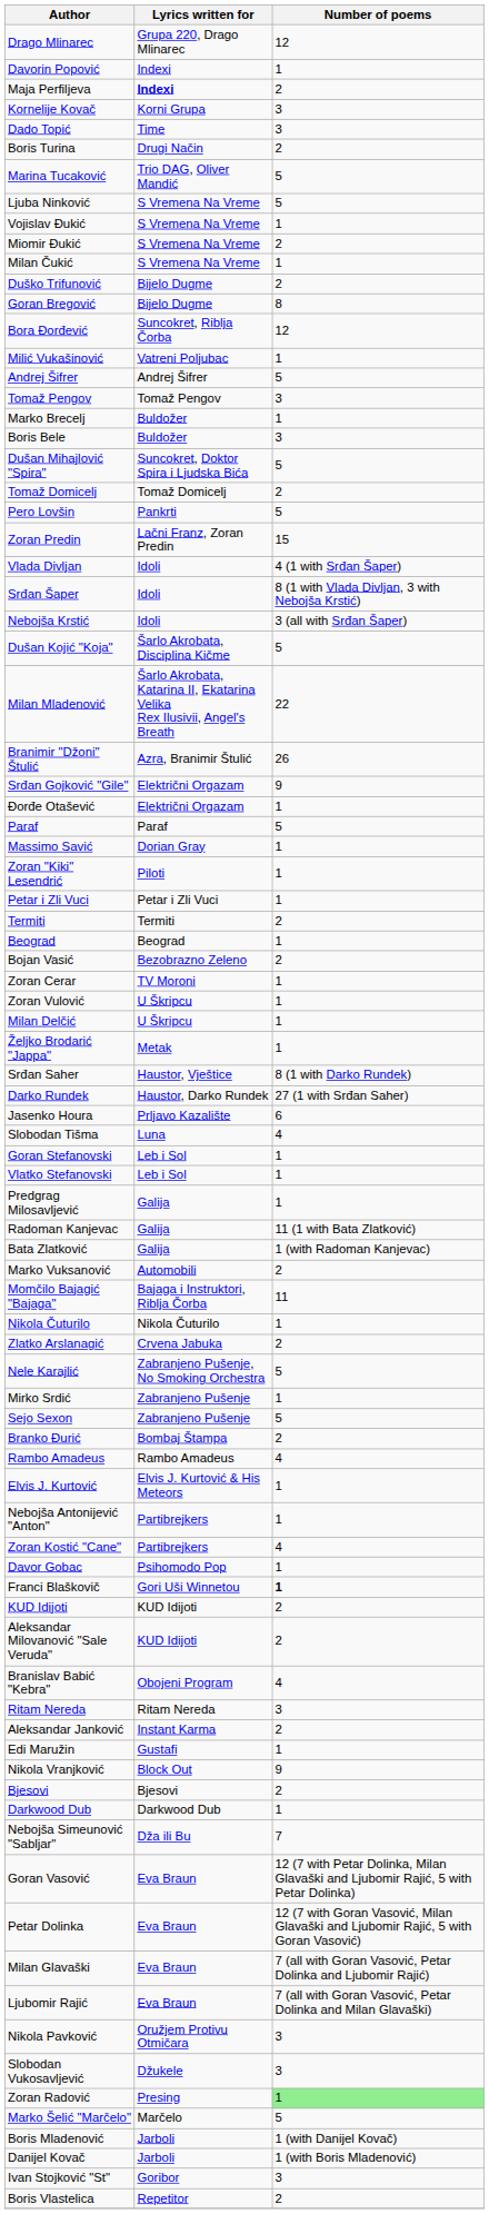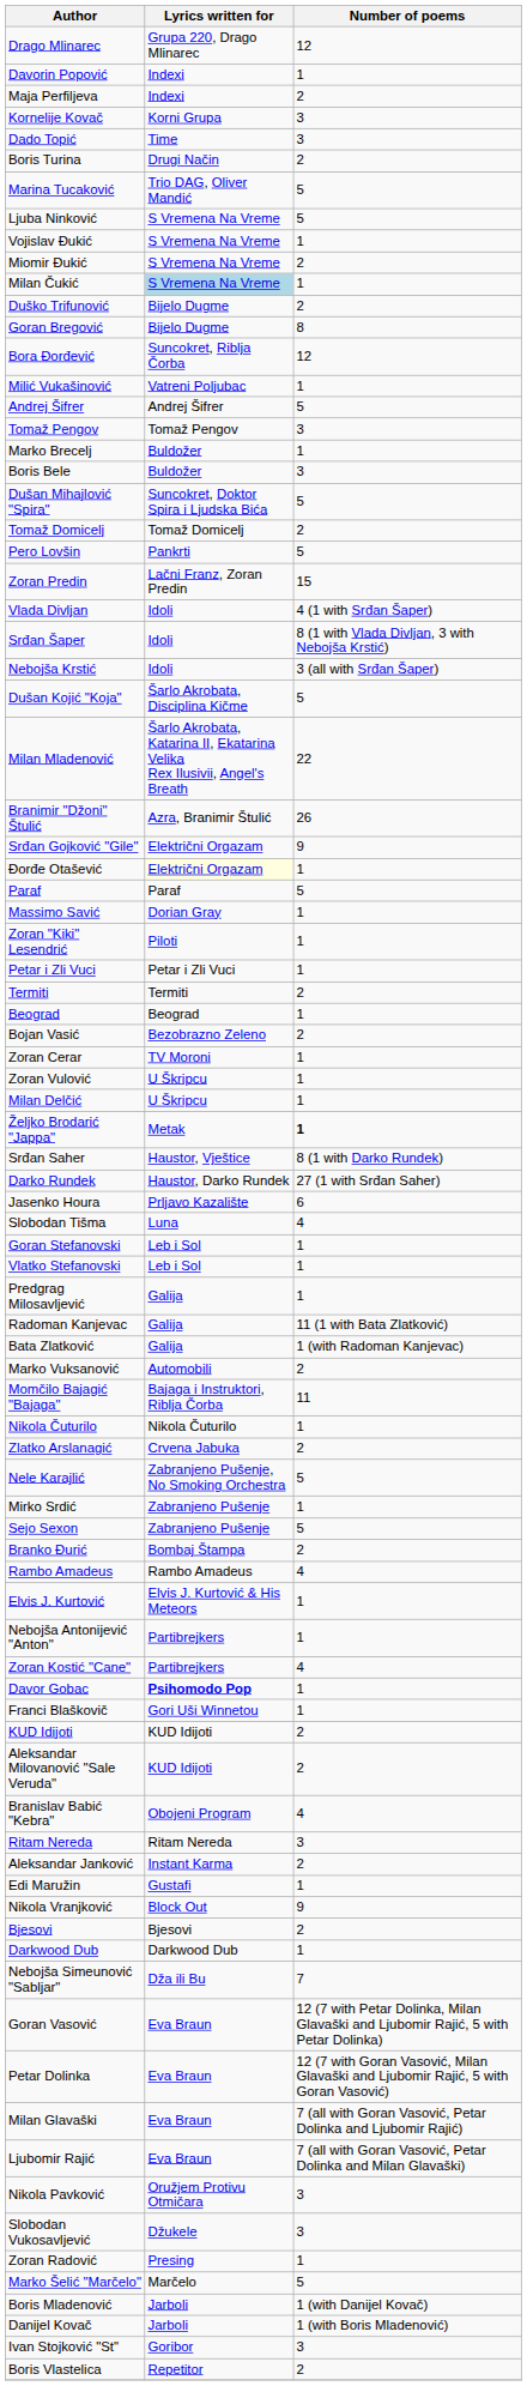 <table class="wikitable sortable">
 <tr>
 <th class="unsortable">Author</th>
 <th class="unsortable">Lyrics written for</th>
 <th>Number of poems</th>
 </tr>
 <tr>
 <td><a href='#'>Drago Mlinarec</a></td>
 <td><a href='#'>Grupa 220</a>, Drago Mlinarec</td>
 <td>12</td>
 </tr>
 <tr>
 <td><a href='#'>Davorin Popović</a></td>
 <td><a href='#'>Indexi</a></td>
 <td>1</td>
 </tr>
 <tr>
 <td>Maja Perfiljeva</td>
-<td><strong><a href='#'>Indexi</a></strong></td>
+<td><a href='#'>Indexi</a></td>
 <td>2</td>
 </tr>
 <tr>
 <td><a href='#'>Kornelije Kovač</a></td>
 <td><a href='#'>Korni Grupa</a></td>
 <td>3</td>
 </tr>
 <tr>
 <td><a href='#'>Dado Topić</a></td>
 <td><a href='#'>Time</a></td>
 <td>3</td>
 </tr>
 <tr>
 <td>Boris Turina</td>
 <td><a href='#'>Drugi Način</a></td>
 <td>2</td>
 </tr>
 <tr>
 <td><a href='#'>Marina Tucaković</a></td>
 <td><a href='#'>Trio DAG</a>, <a href='#'>Oliver Mandić</a></td>
 <td>5</td>
 </tr>
 <tr>
 <td>Ljuba Ninković</td>
 <td><a href='#'>S Vremena Na Vreme</a></td>
 <td>5</td>
 </tr>
 <tr>
 <td>Vojislav Đukić</td>
 <td><a href='#'>S Vremena Na Vreme</a></td>
 <td>1</td>
 </tr>
 <tr>
 <td>Miomir Đukić</td>
 <td><a href='#'>S Vremena Na Vreme</a></td>
 <td>2</td>
 </tr>
 <tr>
 <td>Milan Čukić</td>
-<td><a href='#'>S Vremena Na Vreme</a></td>
+<td style="background: lightblue;"><a href='#'>S Vremena Na Vreme</a></td>
 <td>1</td>
 </tr>
 <tr>
 <td><a href='#'>Duško Trifunović</a></td>
 <td><a href='#'>Bijelo Dugme</a></td>
 <td>2</td>
 </tr>
 <tr>
 <td><a href='#'>Goran Bregović</a></td>
 <td><a href='#'>Bijelo Dugme</a></td>
 <td>8</td>
 </tr>
 <tr>
 <td><a href='#'>Bora Đorđević</a></td>
 <td><a href='#'>Suncokret</a>, <a href='#'>Riblja Čorba</a></td>
 <td>12</td>
 </tr>
 <tr>
 <td><a href='#'>Milić Vukašinović</a></td>
 <td><a href='#'>Vatreni Poljubac</a></td>
 <td>1</td>
 </tr>
 <tr>
 <td><a href='#'>Andrej Šifrer</a></td>
 <td>Andrej Šifrer</td>
 <td>5</td>
 </tr>
 <tr>
 <td><a href='#'>Tomaž Pengov</a></td>
 <td>Tomaž Pengov</td>
 <td>3</td>
 </tr>
 <tr>
 <td>Marko Brecelj</td>
 <td><a href='#'>Buldožer</a></td>
 <td>1</td>
 </tr>
 <tr>
 <td>Boris Bele</td>
 <td><a href='#'>Buldožer</a></td>
 <td>3</td>
 </tr>
 <tr>
 <td><a href='#'>Dušan Mihajlović "Spira"</a></td>
 <td><a href='#'>Suncokret</a>, <a href='#'>Doktor Spira i Ljudska Bića</a></td>
 <td>5</td>
 </tr>
 <tr>
 <td><a href='#'>Tomaž Domicelj</a></td>
 <td>Tomaž Domicelj</td>
 <td>2</td>
 </tr>
 <tr>
 <td><a href='#'>Pero Lovšin</a></td>
 <td><a href='#'>Pankrti</a></td>
 <td>5</td>
 </tr>
 <tr>
 <td><a href='#'>Zoran Predin</a></td>
 <td><a href='#'>Lačni Franz</a>, Zoran Predin</td>
 <td>15</td>
 </tr>
 <tr>
 <td><a href='#'>Vlada Divljan</a></td>
 <td><a href='#'>Idoli</a></td>
 <td>4 (1 with <a href='#'>Srđan Šaper</a>)</td>
 </tr>
 <tr>
 <td><a href='#'>Srđan Šaper</a></td>
 <td><a href='#'>Idoli</a></td>
 <td>8 (1 with <a href='#'>Vlada Divljan</a>, 3 with <a href='#'>Nebojša Krstić</a>)</td>
 </tr>
 <tr>
 <td><a href='#'>Nebojša Krstić</a></td>
 <td><a href='#'>Idoli</a></td>
 <td>3 (all with <a href='#'>Srđan Šaper</a>)</td>
 </tr>
 <tr>
 <td><a href='#'>Dušan Kojić "Koja"</a></td>
 <td><a href='#'>Šarlo Akrobata</a>, <a href='#'>Disciplina Kičme</a></td>
 <td>5</td>
 </tr>
 <tr>
 <td><a href='#'>Milan Mladenović</a></td>
 <td><a href='#'>Šarlo Akrobata</a>, <a href='#'>Katarina II</a>, <a href='#'>Ekatarina Velika</a><br><a href='#'>Rex Ilusivii</a>, <a href='#'>Angel's Breath</a></td>
 <td>22</td>
 </tr>
 <tr>
 <td><a href='#'>Branimir "Džoni" Štulić</a></td>
 <td><a href='#'>Azra</a>, Branimir Štulić</td>
 <td>26</td>
 </tr>
 <tr>
 <td><a href='#'>Srđan Gojković "Gile"</a></td>
 <td><a href='#'>Električni Orgazam</a></td>
 <td>9</td>
 </tr>
 <tr>
 <td>Đorđe Otašević</td>
-<td><a href='#'>Električni Orgazam</a></td>
+<td style="background: lightyellow;"><a href='#'>Električni Orgazam</a></td>
 <td>1</td>
 </tr>
 <tr>
 <td><a href='#'>Paraf</a></td>
 <td>Paraf</td>
 <td>5</td>
 </tr>
 <tr>
 <td><a href='#'>Massimo Savić</a></td>
 <td><a href='#'>Dorian Gray</a></td>
 <td>1</td>
 </tr>
 <tr>
 <td><a href='#'>Zoran "Kiki" Lesendrić</a></td>
 <td><a href='#'>Piloti</a></td>
 <td>1</td>
 </tr>
 <tr>
 <td><a href='#'>Petar i Zli Vuci</a></td>
 <td>Petar i Zli Vuci</td>
 <td>1</td>
 </tr>
 <tr>
 <td><a href='#'>Termiti</a></td>
 <td>Termiti</td>
 <td>2</td>
 </tr>
 <tr>
 <td><a href='#'>Beograd</a></td>
 <td>Beograd</td>
 <td>1</td>
 </tr>
 <tr>
 <td>Bojan Vasić</td>
 <td><a href='#'>Bezobrazno Zeleno</a></td>
 <td>2</td>
 </tr>
 <tr>
 <td>Zoran Cerar</td>
 <td><a href='#'>TV Moroni</a></td>
 <td>1</td>
 </tr>
 <tr>
 <td>Zoran Vulović</td>
 <td><a href='#'>U Škripcu</a></td>
 <td>1</td>
 </tr>
 <tr>
 <td><a href='#'>Milan Delčić</a></td>
 <td><a href='#'>U Škripcu</a></td>
 <td>1</td>
 </tr>
 <tr>
 <td><a href='#'>Željko Brodarić "Jappa"</a></td>
 <td><a href='#'>Metak</a></td>
-<td>1</td>
+<td><strong>1</strong></td>
 </tr>
 <tr>
 <td>Srđan Saher</td>
 <td><a href='#'>Haustor</a>, <a href='#'>Vještice</a></td>
 <td>8 (1 with <a href='#'>Darko Rundek</a>)</td>
 </tr>
 <tr>
 <td><a href='#'>Darko Rundek</a></td>
 <td><a href='#'>Haustor</a>, Darko Rundek</td>
 <td>27 (1 with Srđan Saher)</td>
 </tr>
 <tr>
 <td>Jasenko Houra</td>
 <td><a href='#'>Prljavo Kazalište</a></td>
 <td>6</td>
 </tr>
 <tr>
 <td>Slobodan Tišma</td>
 <td><a href='#'>Luna</a></td>
 <td>4</td>
 </tr>
 <tr>
 <td><a href='#'>Goran Stefanovski</a></td>
 <td><a href='#'>Leb i Sol</a></td>
 <td>1</td>
 </tr>
 <tr>
 <td><a href='#'>Vlatko Stefanovski</a></td>
 <td><a href='#'>Leb i Sol</a></td>
 <td>1</td>
 </tr>
 <tr>
 <td>Predgrag Milosavljević</td>
 <td><a href='#'>Galija</a></td>
 <td>1</td>
 </tr>
 <tr>
 <td>Radoman Kanjevac</td>
 <td><a href='#'>Galija</a></td>
 <td>11 (1 with Bata Zlatković)</td>
 </tr>
 <tr>
 <td>Bata Zlatković</td>
 <td><a href='#'>Galija</a></td>
 <td>1 (with Radoman Kanjevac)</td>
 </tr>
 <tr>
 <td>Marko Vuksanović</td>
 <td><a href='#'>Automobili</a></td>
 <td>2</td>
 </tr>
 <tr>
 <td><a href='#'>Momčilo Bajagić "Bajaga"</a></td>
 <td><a href='#'>Bajaga i Instruktori</a>, <a href='#'>Riblja Čorba</a></td>
 <td>11</td>
 </tr>
 <tr>
 <td><a href='#'>Nikola Čuturilo</a></td>
 <td>Nikola Čuturilo</td>
 <td>1</td>
 </tr>
 <tr>
 <td><a href='#'>Zlatko Arslanagić</a></td>
 <td><a href='#'>Crvena Jabuka</a></td>
 <td>2</td>
 </tr>
 <tr>
 <td><a href='#'>Nele Karajlić</a></td>
 <td><a href='#'>Zabranjeno Pušenje</a>, <a href='#'>No Smoking Orchestra</a></td>
 <td>5</td>
 </tr>
 <tr>
 <td>Mirko Srdić</td>
 <td><a href='#'>Zabranjeno Pušenje</a></td>
 <td>1</td>
 </tr>
 <tr>
 <td><a href='#'>Sejo Sexon</a></td>
 <td><a href='#'>Zabranjeno Pušenje</a></td>
 <td>5</td>
 </tr>
 <tr>
 <td><a href='#'>Branko Đurić</a></td>
 <td><a href='#'>Bombaj Štampa</a></td>
 <td>2</td>
 </tr>
 <tr>
 <td><a href='#'>Rambo Amadeus</a></td>
 <td>Rambo Amadeus</td>
 <td>4</td>
 </tr>
 <tr>
 <td><a href='#'>Elvis J. Kurtović</a></td>
 <td><a href='#'>Elvis J. Kurtović & His Meteors</a></td>
 <td>1</td>
 </tr>
 <tr>
 <td>Nebojša Antonijević "Anton"</td>
 <td><a href='#'>Partibrejkers</a></td>
 <td>1</td>
 </tr>
 <tr>
 <td><a href='#'>Zoran Kostić "Cane"</a></td>
 <td><a href='#'>Partibrejkers</a></td>
 <td>4</td>
 </tr>
 <tr>
 <td><a href='#'>Davor Gobac</a></td>
-<td><a href='#'>Psihomodo Pop</a></td>
+<td><strong><a href='#'>Psihomodo Pop</a></strong></td>
 <td>1</td>
 </tr>
 <tr>
 <td>Franci Blaškovič</td>
 <td><a href='#'>Gori Uši Winnetou</a></td>
-<td><strong>1</strong></td>
+<td>1</td>
 </tr>
 <tr>
 <td><a href='#'>KUD Idijoti</a></td>
 <td>KUD Idijoti</td>
 <td>2</td>
 </tr>
 <tr>
 <td>Aleksandar Milovanović "Sale Veruda"</td>
 <td><a href='#'>KUD Idijoti</a></td>
 <td>2</td>
 </tr>
 <tr>
 <td>Branislav Babić "Kebra"</td>
 <td><a href='#'>Obojeni Program</a></td>
 <td>4</td>
 </tr>
 <tr>
 <td><a href='#'>Ritam Nereda</a></td>
 <td>Ritam Nereda</td>
 <td>3</td>
 </tr>
 <tr>
 <td>Aleksandar Janković</td>
 <td><a href='#'>Instant Karma</a></td>
 <td>2</td>
 </tr>
 <tr>
 <td>Edi Maružin</td>
 <td><a href='#'>Gustafi</a></td>
 <td>1</td>
 </tr>
 <tr>
 <td>Nikola Vranjković</td>
 <td><a href='#'>Block Out</a></td>
 <td>9</td>
 </tr>
 <tr>
 <td><a href='#'>Bjesovi</a></td>
 <td>Bjesovi</td>
 <td>2</td>
 </tr>
 <tr>
 <td><a href='#'>Darkwood Dub</a></td>
 <td>Darkwood Dub</td>
 <td>1</td>
 </tr>
 <tr>
 <td>Nebojša Simeunović "Sabljar"</td>
 <td><a href='#'>Dža ili Bu</a></td>
 <td>7</td>
 </tr>
 <tr>
 <td>Goran Vasović</td>
 <td><a href='#'>Eva Braun</a></td>
 <td>12 (7 with Petar Dolinka, Milan Glavaški and Ljubomir Rajić, 5 with Petar Dolinka)</td>
 </tr>
 <tr>
 <td>Petar Dolinka</td>
 <td><a href='#'>Eva Braun</a></td>
 <td>12 (7 with Goran Vasović, Milan Glavaški and Ljubomir Rajić, 5 with Goran Vasović)</td>
 </tr>
 <tr>
 <td>Milan Glavaški</td>
 <td><a href='#'>Eva Braun</a></td>
 <td>7 (all with Goran Vasović, Petar Dolinka and Ljubomir Rajić)</td>
 </tr>
 <tr>
 <td>Ljubomir Rajić</td>
 <td><a href='#'>Eva Braun</a></td>
 <td>7 (all with Goran Vasović, Petar Dolinka and Milan Glavaški)</td>
 </tr>
 <tr>
 <td>Nikola Pavković</td>
 <td><a href='#'>Oružjem Protivu Otmičara</a></td>
 <td>3</td>
 </tr>
 <tr>
 <td>Slobodan Vukosavljević</td>
 <td><a href='#'>Džukele</a></td>
 <td>3</td>
 </tr>
 <tr>
 <td>Zoran Radović</td>
 <td><a href='#'>Presing</a></td>
-<td style="background: lightgreen;">1</td>
+<td>1</td>
 </tr>
 <tr>
 <td><a href='#'>Marko Šelić "Marčelo"</a></td>
 <td>Marčelo</td>
 <td>5</td>
 </tr>
 <tr>
 <td>Boris Mladenović</td>
 <td><a href='#'>Jarboli</a></td>
 <td>1 (with Danijel Kovač)</td>
 </tr>
 <tr>
 <td>Danijel Kovač</td>
 <td><a href='#'>Jarboli</a></td>
 <td>1 (with Boris Mladenović)</td>
 </tr>
 <tr>
 <td>Ivan Stojković "St"</td>
 <td><a href='#'>Goribor</a></td>
 <td>3</td>
 </tr>
 <tr>
 <td>Boris Vlastelica</td>
 <td><a href='#'>Repetitor</a></td>
 <td>2</td>
 </tr>
 <tr>
 </tr>
 </table>
